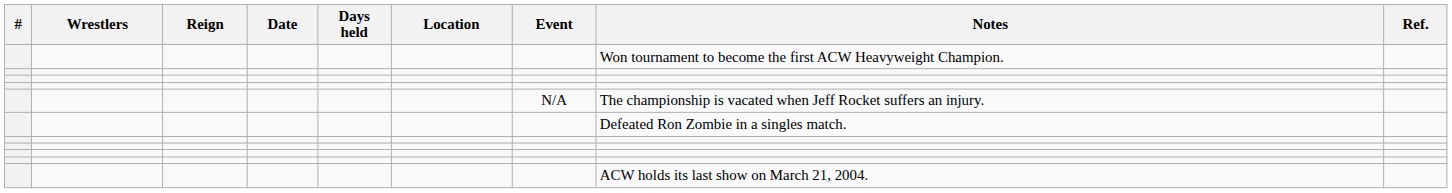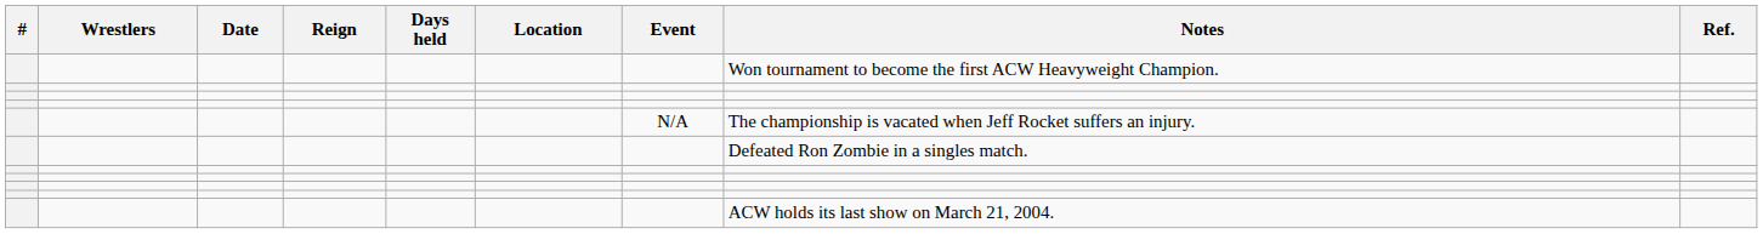 <table class="wikitable sortable" width=98% style="text-align:center;">
 <tr>
 <th>#</th>
 <th>Wrestlers</th>
+<th>Date</th>
 <th>Reign</th>
-<th>Date</th>
 <th>Days<br>held</th>
 <th>Location</th>
 <th>Event</th>
 <th>Notes</th>
 <th>Ref.</th>
 </tr>
 <tr>
 <th></th>
 <td></td>
 <td></td>
 <td></td>
 <td></td>
 <td></td>
 <td></td>
 <td align="left">Won tournament to become the first ACW Heavyweight Champion.</td>
 <td align="left"></td>
 </tr>
 <tr>
 <th></th>
 <td></td>
 <td></td>
 <td></td>
 <td></td>
 <td></td>
 <td></td>
 <td align="left"></td>
 <td align="left"></td>
 </tr>
 <tr>
 <th></th>
 <td></td>
 <td></td>
 <td></td>
 <td></td>
 <td></td>
 <td></td>
 <td align="left"></td>
 <td align="left"></td>
 </tr>
 <tr>
 <th></th>
 <td></td>
 <td></td>
 <td></td>
 <td></td>
 <td></td>
 <td></td>
 <td align="left"></td>
 <td align="left"></td>
 </tr>
 <tr>
 <th></th>
 <td></td>
 <td></td>
 <td></td>
 <td></td>
 <td></td>
 <td>N/A</td>
 <td align="left">The championship is vacated when Jeff Rocket suffers an injury.</td>
 <td align="left"></td>
 </tr>
 <tr>
 <th></th>
 <td></td>
 <td></td>
 <td></td>
 <td></td>
 <td></td>
 <td></td>
 <td align="left">Defeated Ron Zombie in a singles match.</td>
 <td align="left"></td>
 </tr>
 <tr>
 <th></th>
 <td></td>
 <td></td>
 <td></td>
 <td></td>
 <td></td>
 <td></td>
 <td align="left"></td>
 <td align="left"></td>
 </tr>
 <tr>
 <th></th>
 <td></td>
 <td></td>
 <td></td>
 <td></td>
 <td></td>
 <td></td>
 <td align="left"></td>
 <td align="left"></td>
 </tr>
 <tr>
 <th></th>
 <td></td>
 <td></td>
 <td></td>
 <td></td>
 <td></td>
 <td></td>
 <td align="left"></td>
 <td align="left"></td>
 </tr>
 <tr>
 <th></th>
 <td></td>
 <td></td>
 <td></td>
 <td></td>
 <td></td>
 <td></td>
 <td align="left"></td>
 <td align="left"></td>
 </tr>
 <tr>
 <th></th>
 <td></td>
 <td></td>
 <td></td>
 <td></td>
 <td></td>
 <td></td>
 <td align="left">ACW holds its last show on March 21, 2004.</td>
 <td align="left"></td>
 </tr>
 </table>
